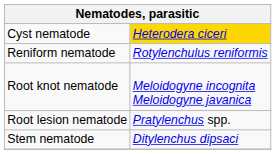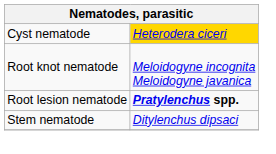 <table class="wikitable" style="clear">
 <tr>
 <th colspan=2><strong>Nematodes, parasitic</strong><br></th>
 </tr>
 <tr>
 <td>Cyst nematode</td>
 <td style="background: gold;"><em><a href='#'>Heterodera ciceri</a></em></td>
 </tr>
 <tr>
-<td>Reniform nematode</td>
-<td><em><a href='#'>Rotylenchulus reniformis</a></em></td>
-</tr>
-<tr>
 <td>Root knot nematode</td>
 <td><br><em><a href='#'>Meloidogyne incognita</a></em><br> <em><a href='#'>Meloidogyne javanica</a></em></td>
 </tr>
 <tr>
 <td>Root lesion nematode</td>
-<td><em><a href='#'>Pratylenchus</a></em> spp.</td>
+<td><strong><em><a href='#'>Pratylenchus</a></em> spp.</strong></td>
 </tr>
 <tr>
 <td>Stem nematode</td>
 <td><em><a href='#'>Ditylenchus dipsaci</a></em></td>
 </tr>
 <tr>
 </tr>
 </table>
